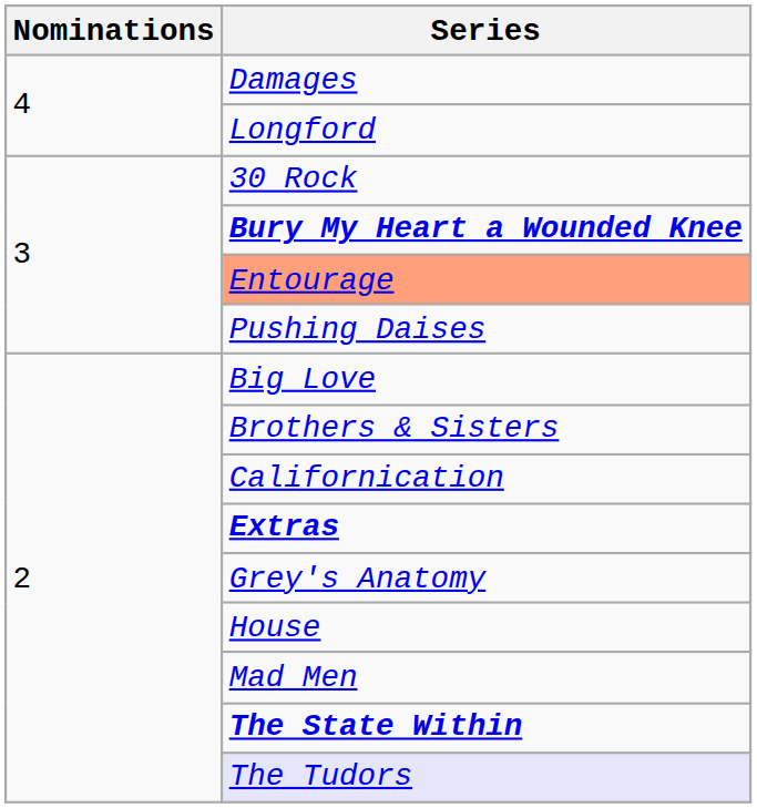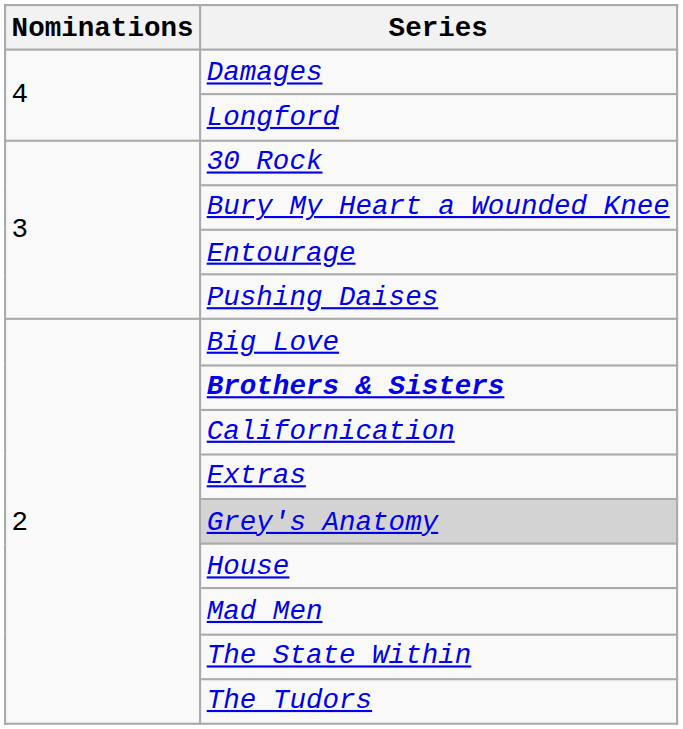 <table class="wikitable">
 <tr>
 <th>Nominations</th>
 <th>Series</th>
 </tr>
 <tr>
 <td rowspan="2">4</td>
 <td><em><a href='#'>Damages</a></em></td>
 </tr>
 <tr>
 <td><em><a href='#'>Longford</a></em></td>
 </tr>
 <tr>
 <td rowspan="4">3</td>
 <td><em><a href='#'>30 Rock</a></em></td>
 </tr>
 <tr>
-<td><strong><em><a href='#'>Bury My Heart a Wounded Knee</a></em></strong></td>
+<td><em><a href='#'>Bury My Heart a Wounded Knee</a></em></td>
 </tr>
 <tr>
-<td style="background: lightsalmon;"><em><a href='#'>Entourage</a></em></td>
+<td><em><a href='#'>Entourage</a></em></td>
 </tr>
 <tr>
 <td><em><a href='#'>Pushing Daises</a></em></td>
 </tr>
 <tr>
 <td rowspan="9">2</td>
 <td><em><a href='#'>Big Love</a></em></td>
 </tr>
 <tr>
-<td><em><a href='#'>Brothers & Sisters</a></em></td>
+<td><strong><em><a href='#'>Brothers & Sisters</a></em></strong></td>
 </tr>
 <tr>
 <td><em><a href='#'>Californication</a></em></td>
 </tr>
 <tr>
-<td><strong><em><a href='#'>Extras</a></em></strong></td>
+<td><em><a href='#'>Extras</a></em></td>
 </tr>
 <tr>
-<td><em><a href='#'>Grey's Anatomy</a></em></td>
+<td style="background: lightgrey;"><em><a href='#'>Grey's Anatomy</a></em></td>
 </tr>
 <tr>
 <td><em><a href='#'>House</a></em></td>
 </tr>
 <tr>
 <td><em><a href='#'>Mad Men</a></em></td>
 </tr>
 <tr>
-<td><strong><em><a href='#'>The State Within</a></em></strong></td>
+<td><em><a href='#'>The State Within</a></em></td>
 </tr>
 <tr>
-<td style="background: lavender;"><em><a href='#'>The Tudors</a></em></td>
+<td><em><a href='#'>The Tudors</a></em></td>
 </tr>
 </table>
